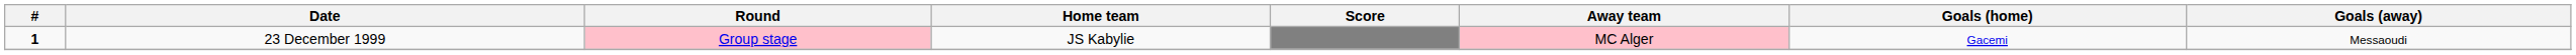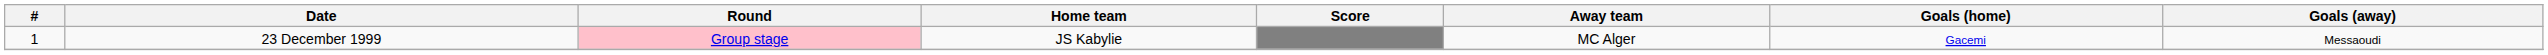 <table class="wikitable" style="width:100%; margin:0 left; font-size: 11px; text-align:center">
 <tr>
 <th>#</th>
 <th>Date</th>
 <th>Round</th>
 <th>Home team</th>
 <th>Score</th>
 <th>Away team</th>
 <th>Goals (home)</th>
 <th>Goals (away)</th>
 </tr>
 <tr>
-<td><strong>1</strong></td>
+<td>1</td>
 <td>23 December 1999</td>
 <td style="background: pink;"><a href='#'>Group stage</a></td>
 <td>JS Kabylie</td>
 <td style="background:gray"></td>
-<td style="background: pink;">MC Alger</td>
+<td>MC Alger</td>
 <td><small><a href='#'>Gacemi</a> </small></td>
 <td><small>Messaoudi </small></td>
 </tr>
 <tr>
 </tr>
 </table>
